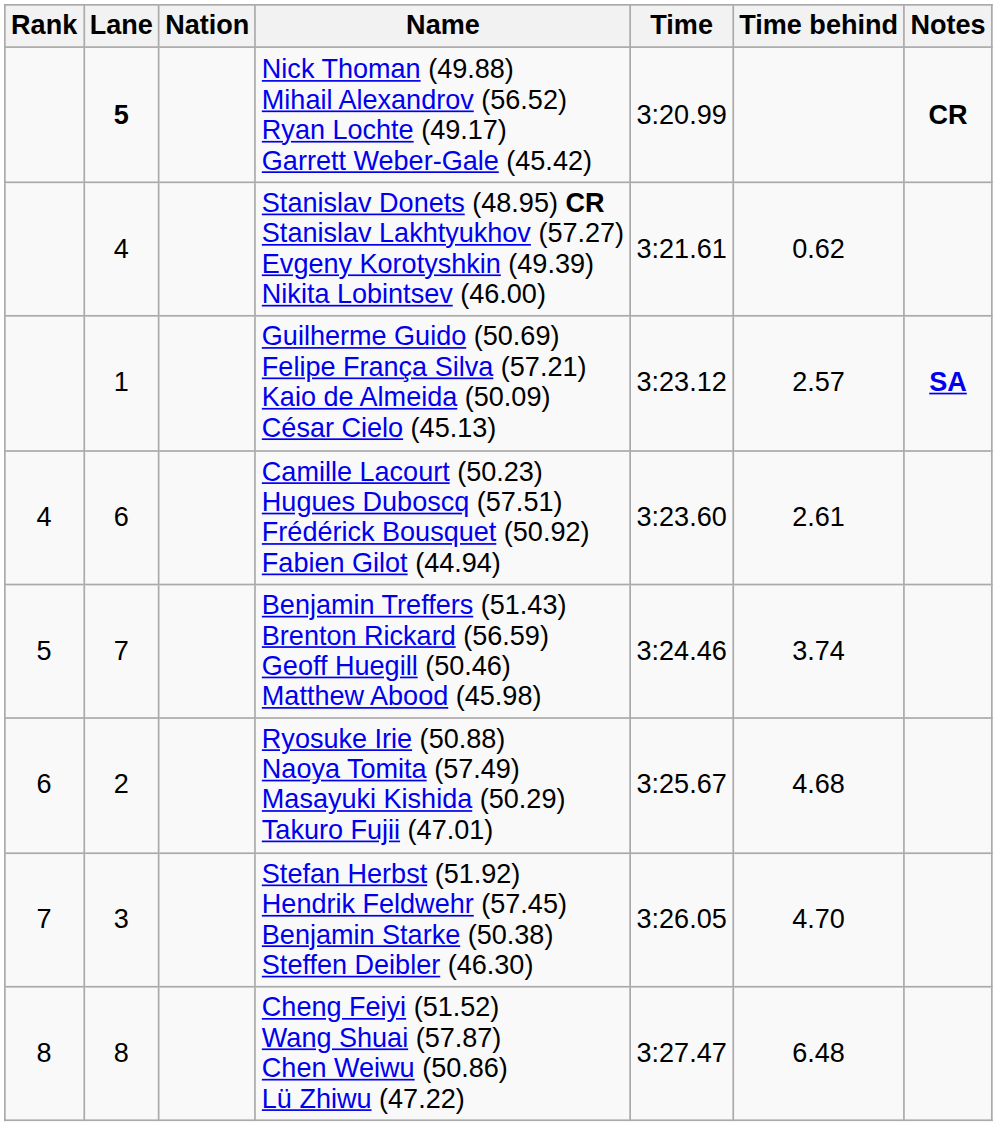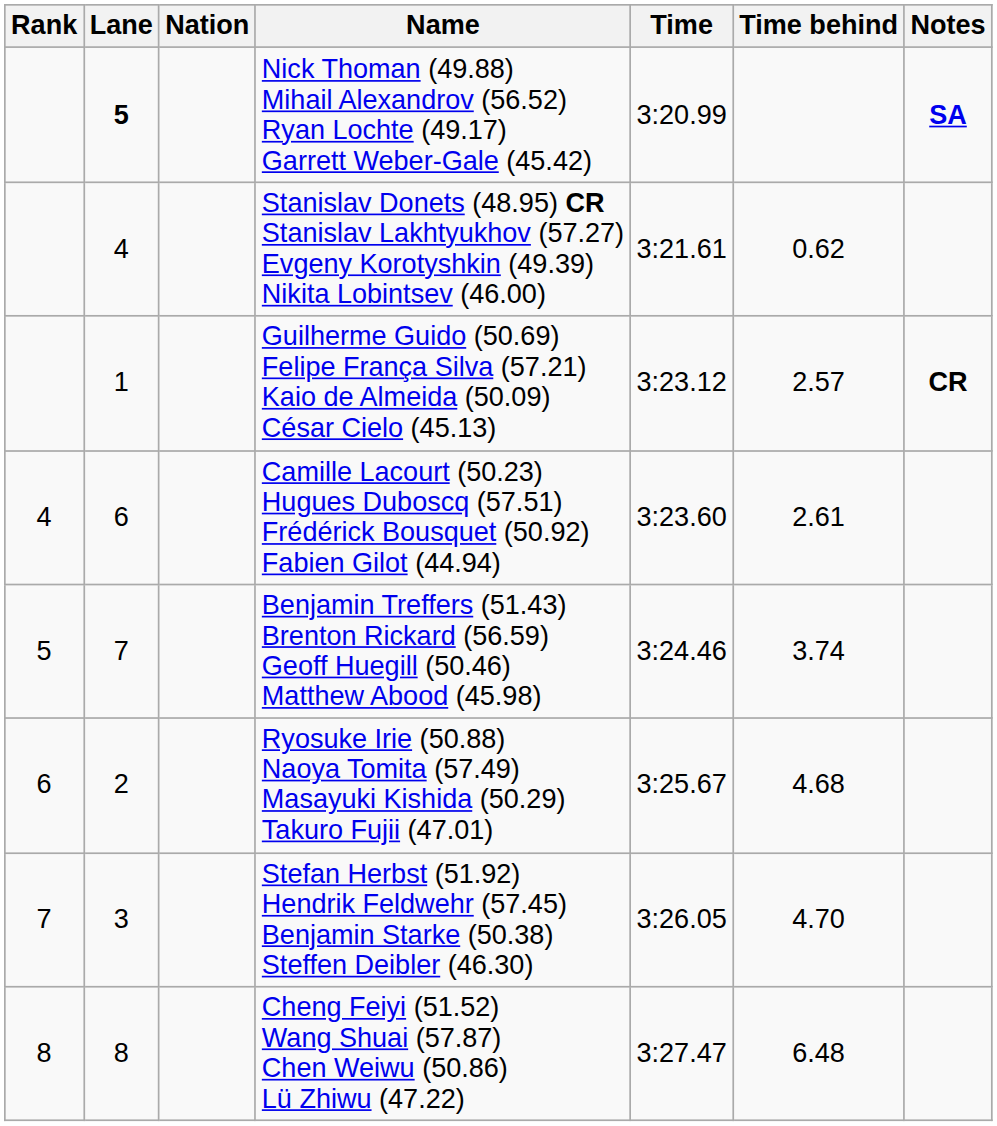 <table class="wikitable sortable" style="text-align:center">
 <tr>
 <th>Rank</th>
 <th>Lane</th>
 <th>Nation</th>
 <th>Name</th>
 <th>Time</th>
 <th>Time behind</th>
 <th>Notes</th>
 </tr>
 <tr>
 <td></td>
 <td><strong>5</strong></td>
 <td align=left></td>
 <td align=left><a href='#'>Nick Thoman</a> (49.88)<br><a href='#'>Mihail Alexandrov</a> (56.52)<br><a href='#'>Ryan Lochte</a> (49.17)<br><a href='#'>Garrett Weber-Gale</a> (45.42)</td>
 <td>3:20.99</td>
 <td></td>
-<td><strong>CR</strong></td>
+<td><strong><a href='#'>SA</a></strong></td>
 </tr>
 <tr>
 <td></td>
 <td>4</td>
 <td align=left></td>
 <td align=left><a href='#'>Stanislav Donets</a> (48.95) <strong>CR</strong><br><a href='#'>Stanislav Lakhtyukhov</a> (57.27)<br><a href='#'>Evgeny Korotyshkin</a> (49.39)<br><a href='#'>Nikita Lobintsev</a> (46.00)</td>
 <td>3:21.61</td>
 <td>0.62</td>
 <td></td>
 </tr>
 <tr>
 <td></td>
 <td>1</td>
 <td align=left></td>
 <td align=left><a href='#'>Guilherme Guido</a> (50.69)<br><a href='#'>Felipe França Silva</a> (57.21)<br><a href='#'>Kaio de Almeida</a> (50.09)<br><a href='#'>César Cielo</a> (45.13)</td>
 <td>3:23.12</td>
 <td>2.57</td>
-<td><strong><a href='#'>SA</a></strong></td>
+<td><strong>CR</strong></td>
 </tr>
 <tr>
 <td>4</td>
 <td>6</td>
 <td align=left></td>
 <td align=left><a href='#'>Camille Lacourt</a> (50.23)<br><a href='#'>Hugues Duboscq</a> (57.51)<br><a href='#'>Frédérick Bousquet</a> (50.92)<br><a href='#'>Fabien Gilot</a> (44.94)</td>
 <td>3:23.60</td>
 <td>2.61</td>
 <td></td>
 </tr>
 <tr>
 <td>5</td>
 <td>7</td>
 <td align=left></td>
 <td align=left><a href='#'>Benjamin Treffers</a> (51.43)<br><a href='#'>Brenton Rickard</a> (56.59)<br><a href='#'>Geoff Huegill</a> (50.46)<br><a href='#'>Matthew Abood</a> (45.98)</td>
 <td>3:24.46</td>
 <td>3.74</td>
 <td></td>
 </tr>
 <tr>
 <td>6</td>
 <td>2</td>
 <td align=left></td>
 <td align=left><a href='#'>Ryosuke Irie</a> (50.88)<br><a href='#'>Naoya Tomita</a> (57.49)<br><a href='#'>Masayuki Kishida</a> (50.29)<br><a href='#'>Takuro Fujii</a> (47.01)</td>
 <td>3:25.67</td>
 <td>4.68</td>
 <td></td>
 </tr>
 <tr>
 <td>7</td>
 <td>3</td>
 <td align=left></td>
 <td align=left><a href='#'>Stefan Herbst</a> (51.92)<br><a href='#'>Hendrik Feldwehr</a> (57.45)<br><a href='#'>Benjamin Starke</a> (50.38)<br><a href='#'>Steffen Deibler</a> (46.30)</td>
 <td>3:26.05</td>
 <td>4.70</td>
 <td></td>
 </tr>
 <tr>
 <td>8</td>
 <td>8</td>
 <td align=left></td>
 <td align=left><a href='#'>Cheng Feiyi</a> (51.52)<br><a href='#'>Wang Shuai</a> (57.87)<br><a href='#'>Chen Weiwu</a> (50.86)<br><a href='#'>Lü Zhiwu</a> (47.22)</td>
 <td>3:27.47</td>
 <td>6.48</td>
 <td></td>
 </tr>
 </table>
